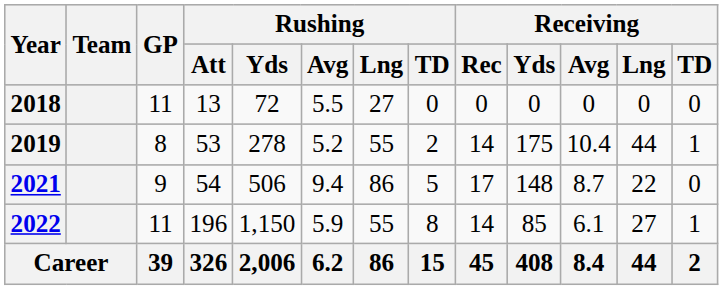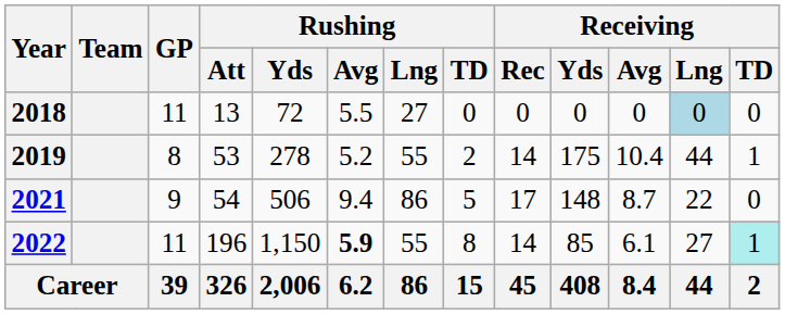 <table class="wikitable" style="text-align:center;">
 <tr>
 <th rowspan="2">Year</th>
 <th rowspan="2">Team</th>
 <th rowspan="2">GP</th>
 <th colspan="5">Rushing</th>
 <th colspan="5">Receiving</th>
 </tr>
 <tr>
 <th>Att</th>
 <th>Yds</th>
 <th>Avg</th>
 <th>Lng</th>
 <th>TD</th>
 <th>Rec</th>
 <th>Yds</th>
 <th>Avg</th>
 <th>Lng</th>
 <th>TD</th>
 </tr>
 <tr>
 <th>2018</th>
 <th><a href='#'></a></th>
 <td>11</td>
 <td>13</td>
 <td>72</td>
 <td>5.5</td>
 <td>27</td>
 <td>0</td>
 <td>0</td>
 <td>0</td>
 <td>0</td>
-<td>0</td>
+<td style="background: lightblue;">0</td>
 <td>0</td>
 </tr>
 <tr>
 <th>2019</th>
 <th><a href='#'></a></th>
 <td>8</td>
 <td>53</td>
 <td>278</td>
 <td>5.2</td>
 <td>55</td>
 <td>2</td>
 <td>14</td>
 <td>175</td>
 <td>10.4</td>
 <td>44</td>
 <td>1</td>
 </tr>
 <tr>
 <th><a href='#'>2021</a></th>
 <th><a href='#'></a></th>
 <td>9</td>
 <td>54</td>
 <td>506</td>
 <td>9.4</td>
 <td>86</td>
 <td>5</td>
 <td>17</td>
 <td>148</td>
 <td>8.7</td>
 <td>22</td>
 <td>0</td>
 </tr>
 <tr>
 <th><a href='#'>2022</a></th>
 <th><a href='#'></a></th>
 <td>11</td>
 <td>196</td>
 <td>1,150</td>
-<td>5.9</td>
+<td><strong>5.9</strong></td>
 <td>55</td>
 <td>8</td>
 <td>14</td>
 <td>85</td>
 <td>6.1</td>
 <td>27</td>
-<td>1</td>
+<td style="background: paleturquoise;">1</td>
 </tr>
 <tr>
 <th colspan="2" align="center">Career</th>
 <th>39</th>
 <th>326</th>
 <th>2,006</th>
 <th>6.2</th>
 <th>86</th>
 <th>15</th>
 <th>45</th>
 <th>408</th>
 <th>8.4</th>
 <th>44</th>
 <th>2</th>
 </tr>
 </table>
